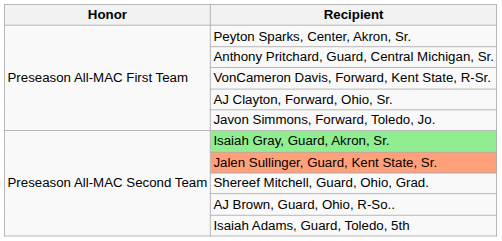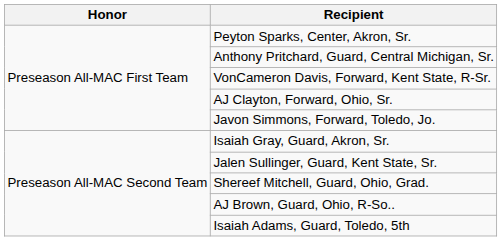 <table class="wikitable" border="1">
 <tr>
 <th>Honor</th>
 <th>Recipient</th>
 </tr>
 <tr>
 <td rowspan=5 valign=middle>Preseason All-MAC First Team</td>
 <td>Peyton Sparks, Center, Akron, Sr.</td>
 </tr>
 <tr>
 <td>Anthony Pritchard, Guard, Central Michigan, Sr.</td>
 </tr>
 <tr>
 <td>VonCameron Davis, Forward, Kent State, R-Sr.</td>
 </tr>
 <tr>
 <td>AJ Clayton, Forward, Ohio, Sr.</td>
 </tr>
 <tr>
 <td>Javon Simmons, Forward, Toledo, Jo.</td>
 </tr>
 <tr>
 <td rowspan=6 valign=middle>Preseason All-MAC Second Team</td>
-<td style="background: lightgreen;">Isaiah Gray, Guard, Akron, Sr.</td>
+<td>Isaiah Gray, Guard, Akron, Sr.</td>
 </tr>
 <tr>
-<td style="background: lightsalmon;">Jalen Sullinger, Guard, Kent State, Sr.</td>
+<td>Jalen Sullinger, Guard, Kent State, Sr.</td>
 </tr>
 <tr>
 <td>Shereef Mitchell, Guard, Ohio, Grad.</td>
 </tr>
 <tr>
 <td>AJ Brown, Guard, Ohio, R-So..</td>
 </tr>
 <tr>
 <td>Isaiah Adams, Guard, Toledo, 5th</td>
 </tr>
 </table>
